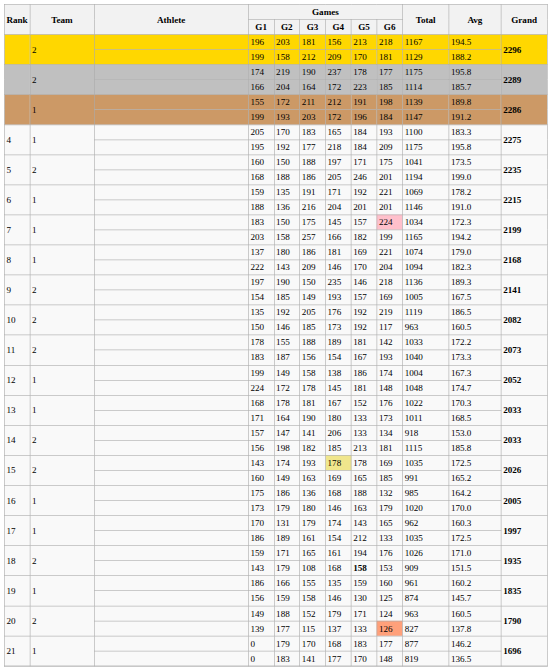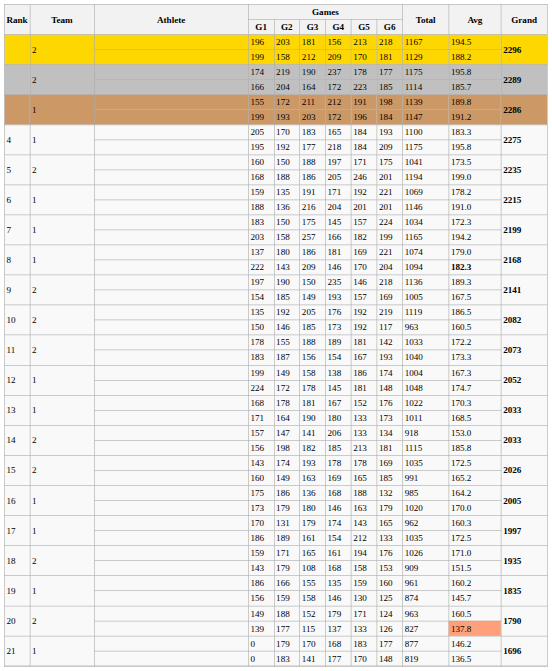 <table class="wikitable" style="font-size:95%" style="width:35em;" style="text-align:center">
 <tr>
 <th rowspan=2>Rank</th>
 <th rowspan=2 width=100>Team</th>
 <th rowspan=2 width=250>Athlete</th>
 <th colspan=6 width=250>Games</th>
 <th rowspan=2 width=70>Total</th>
 <th rowspan=2 width=80>Avg</th>
 <th rowspan=2 width=70>Grand</th>
 </tr>
 <tr>
 <th>G1</th>
 <th>G2</th>
 <th>G3</th>
 <th>G4</th>
 <th>G5</th>
 <th>G6</th>
 </tr>
 <tr bgcolor=gold>
 <td rowspan=2></td>
 <td rowspan=2 align=left> 2</td>
 <td align=left></td>
 <td>196</td>
 <td>203</td>
 <td>181</td>
 <td>156</td>
 <td>213</td>
 <td>218</td>
 <td>1167</td>
 <td>194.5</td>
 <td rowspan=2><strong>2296</strong></td>
 </tr>
 <tr bgcolor=gold>
 <td align=left></td>
 <td>199</td>
 <td>158</td>
 <td>212</td>
 <td>209</td>
 <td>170</td>
 <td>181</td>
 <td>1129</td>
 <td>188.2</td>
 </tr>
 <tr bgcolor=silver>
 <td rowspan=2></td>
 <td rowspan=2 align=left> 2</td>
 <td align=left></td>
 <td>174</td>
 <td>219</td>
 <td>190</td>
 <td>237</td>
 <td>178</td>
 <td>177</td>
 <td>1175</td>
 <td>195.8</td>
 <td rowspan=2><strong>2289</strong></td>
 </tr>
 <tr bgcolor=silver>
 <td align=left></td>
 <td>166</td>
 <td>204</td>
 <td>164</td>
 <td>172</td>
 <td>223</td>
 <td>185</td>
 <td>1114</td>
 <td>185.7</td>
 </tr>
 <tr bgcolor=cc9966>
 <td rowspan=2></td>
 <td rowspan=2 align=left> 1</td>
 <td align=left></td>
 <td>155</td>
 <td>172</td>
 <td>211</td>
 <td>212</td>
 <td>191</td>
 <td>198</td>
 <td>1139</td>
 <td>189.8</td>
 <td rowspan=2><strong>2286</strong></td>
 </tr>
 <tr bgcolor=cc9966>
 <td align=left></td>
 <td>199</td>
 <td>193</td>
 <td>203</td>
 <td>172</td>
 <td>196</td>
 <td>184</td>
 <td>1147</td>
 <td>191.2</td>
 </tr>
 <tr>
 <td rowspan=2>4</td>
 <td rowspan=2 align=left> 1</td>
 <td align=left></td>
 <td>205</td>
 <td>170</td>
 <td>183</td>
 <td>165</td>
 <td>184</td>
 <td>193</td>
 <td>1100</td>
 <td>183.3</td>
 <td rowspan=2><strong>2275</strong></td>
 </tr>
 <tr>
 <td align=left></td>
 <td>195</td>
 <td>192</td>
 <td>177</td>
 <td>218</td>
 <td>184</td>
 <td>209</td>
 <td>1175</td>
 <td>195.8</td>
 </tr>
 <tr>
 <td rowspan=2>5</td>
 <td rowspan=2 align=left> 2</td>
 <td align=left></td>
 <td>160</td>
 <td>150</td>
 <td>188</td>
 <td>197</td>
 <td>171</td>
 <td>175</td>
 <td>1041</td>
 <td>173.5</td>
 <td rowspan=2><strong>2235</strong></td>
 </tr>
 <tr>
 <td align=left></td>
 <td>168</td>
 <td>188</td>
 <td>186</td>
 <td>205</td>
 <td>246</td>
 <td>201</td>
 <td>1194</td>
 <td>199.0</td>
 </tr>
 <tr>
 <td rowspan=2>6</td>
 <td rowspan=2 align=left> 1</td>
 <td align=left></td>
 <td>159</td>
 <td>135</td>
 <td>191</td>
 <td>171</td>
 <td>192</td>
 <td>221</td>
 <td>1069</td>
 <td>178.2</td>
 <td rowspan=2><strong>2215</strong></td>
 </tr>
 <tr>
 <td align=left></td>
 <td>188</td>
 <td>136</td>
 <td>216</td>
 <td>204</td>
 <td>201</td>
 <td>201</td>
 <td>1146</td>
 <td>191.0</td>
 </tr>
 <tr>
 <td rowspan=2>7</td>
 <td rowspan=2 align=left> 1</td>
 <td align=left></td>
 <td>183</td>
 <td>150</td>
 <td>175</td>
 <td>145</td>
 <td>157</td>
-<td style="background: pink;">224</td>
+<td>224</td>
 <td>1034</td>
 <td>172.3</td>
 <td rowspan=2><strong>2199</strong></td>
 </tr>
 <tr>
 <td align=left></td>
 <td>203</td>
 <td>158</td>
 <td>257</td>
 <td>166</td>
 <td>182</td>
 <td>199</td>
 <td>1165</td>
 <td>194.2</td>
 </tr>
 <tr>
 <td rowspan=2>8</td>
 <td rowspan=2 align=left> 1</td>
 <td align=left></td>
 <td>137</td>
 <td>180</td>
 <td>186</td>
 <td>181</td>
 <td>169</td>
 <td>221</td>
 <td>1074</td>
 <td>179.0</td>
 <td rowspan=2><strong>2168</strong></td>
 </tr>
 <tr>
 <td align=left></td>
 <td>222</td>
 <td>143</td>
 <td>209</td>
 <td>146</td>
 <td>170</td>
 <td>204</td>
 <td>1094</td>
-<td>182.3</td>
+<td><strong>182.3</strong></td>
 </tr>
 <tr>
 <td rowspan=2>9</td>
 <td rowspan=2 align=left> 2</td>
 <td align=left></td>
 <td>197</td>
 <td>190</td>
 <td>150</td>
 <td>235</td>
 <td>146</td>
 <td>218</td>
 <td>1136</td>
 <td>189.3</td>
 <td rowspan=2><strong>2141</strong></td>
 </tr>
 <tr>
 <td align=left></td>
 <td>154</td>
 <td>185</td>
 <td>149</td>
 <td>193</td>
 <td>157</td>
 <td>169</td>
 <td>1005</td>
 <td>167.5</td>
 </tr>
 <tr>
 <td rowspan=2>10</td>
 <td rowspan=2 align=left> 2</td>
 <td align=left></td>
 <td>135</td>
 <td>192</td>
 <td>205</td>
 <td>176</td>
 <td>192</td>
 <td>219</td>
 <td>1119</td>
 <td>186.5</td>
 <td rowspan=2><strong>2082</strong></td>
 </tr>
 <tr>
 <td align=left></td>
 <td>150</td>
 <td>146</td>
 <td>185</td>
 <td>173</td>
 <td>192</td>
 <td>117</td>
 <td>963</td>
 <td>160.5</td>
 </tr>
 <tr>
 <td rowspan=2>11</td>
 <td rowspan=2 align=left> 2</td>
 <td align=left></td>
 <td>178</td>
 <td>155</td>
 <td>188</td>
 <td>189</td>
 <td>181</td>
 <td>142</td>
 <td>1033</td>
 <td>172.2</td>
 <td rowspan=2><strong>2073</strong></td>
 </tr>
 <tr>
 <td align=left></td>
 <td>183</td>
 <td>187</td>
 <td>156</td>
 <td>154</td>
 <td>167</td>
 <td>193</td>
 <td>1040</td>
 <td>173.3</td>
 </tr>
 <tr>
 <td rowspan=2>12</td>
 <td rowspan=2 align=left> 1</td>
 <td align=left></td>
 <td>199</td>
 <td>149</td>
 <td>158</td>
 <td>138</td>
 <td>186</td>
 <td>174</td>
 <td>1004</td>
 <td>167.3</td>
 <td rowspan=2><strong>2052</strong></td>
 </tr>
 <tr>
 <td align=left></td>
 <td>224</td>
 <td>172</td>
 <td>178</td>
 <td>145</td>
 <td>181</td>
 <td>148</td>
 <td>1048</td>
 <td>174.7</td>
 </tr>
 <tr>
 <td rowspan=2>13</td>
 <td rowspan=2 align=left> 1</td>
 <td align=left></td>
 <td>168</td>
 <td>178</td>
 <td>181</td>
 <td>167</td>
 <td>152</td>
 <td>176</td>
 <td>1022</td>
 <td>170.3</td>
 <td rowspan=2><strong>2033</strong></td>
 </tr>
 <tr>
 <td align=left></td>
 <td>171</td>
 <td>164</td>
 <td>190</td>
 <td>180</td>
 <td>133</td>
 <td>173</td>
 <td>1011</td>
 <td>168.5</td>
 </tr>
 <tr>
 <td rowspan=2>14</td>
 <td rowspan=2 align=left> 2</td>
 <td align=left></td>
 <td>157</td>
 <td>147</td>
 <td>141</td>
 <td>206</td>
 <td>133</td>
 <td>134</td>
 <td>918</td>
 <td>153.0</td>
 <td rowspan=2><strong>2033</strong></td>
 </tr>
 <tr>
 <td align=left></td>
 <td>156</td>
 <td>198</td>
 <td>182</td>
 <td>185</td>
 <td>213</td>
 <td>181</td>
 <td>1115</td>
 <td>185.8</td>
 </tr>
 <tr>
 <td rowspan=2>15</td>
 <td rowspan=2 align=left> 2</td>
 <td align=left></td>
 <td>143</td>
 <td>174</td>
 <td>193</td>
-<td style="background: khaki;">178</td>
+<td>178</td>
 <td>178</td>
 <td>169</td>
 <td>1035</td>
 <td>172.5</td>
 <td rowspan=2><strong>2026</strong></td>
 </tr>
 <tr>
 <td align=left></td>
 <td>160</td>
 <td>149</td>
 <td>163</td>
 <td>169</td>
 <td>165</td>
 <td>185</td>
 <td>991</td>
 <td>165.2</td>
 </tr>
 <tr>
 <td rowspan=2>16</td>
 <td rowspan=2 align=left> 1</td>
 <td align=left></td>
 <td>175</td>
 <td>186</td>
 <td>136</td>
 <td>168</td>
 <td>188</td>
 <td>132</td>
 <td>985</td>
 <td>164.2</td>
 <td rowspan=2><strong>2005</strong></td>
 </tr>
 <tr>
 <td align=left></td>
 <td>173</td>
 <td>179</td>
 <td>180</td>
 <td>146</td>
 <td>163</td>
 <td>179</td>
 <td>1020</td>
 <td>170.0</td>
 </tr>
 <tr>
 <td rowspan=2>17</td>
 <td rowspan=2 align=left> 1</td>
 <td align=left></td>
 <td>170</td>
 <td>131</td>
 <td>179</td>
 <td>174</td>
 <td>143</td>
 <td>165</td>
 <td>962</td>
 <td>160.3</td>
 <td rowspan=2><strong>1997</strong></td>
 </tr>
 <tr>
 <td align=left></td>
 <td>186</td>
 <td>189</td>
 <td>161</td>
 <td>154</td>
 <td>212</td>
 <td>133</td>
 <td>1035</td>
 <td>172.5</td>
 </tr>
 <tr>
 <td rowspan=2>18</td>
 <td rowspan=2 align=left> 2</td>
 <td align=left></td>
 <td>159</td>
 <td>171</td>
 <td>165</td>
 <td>161</td>
 <td>194</td>
 <td>176</td>
 <td>1026</td>
 <td>171.0</td>
 <td rowspan=2><strong>1935</strong></td>
 </tr>
 <tr>
 <td align=left></td>
 <td>143</td>
 <td>179</td>
 <td>108</td>
 <td>168</td>
-<td><strong>158</strong></td>
+<td>158</td>
 <td>153</td>
 <td>909</td>
 <td>151.5</td>
 </tr>
 <tr>
 <td rowspan=2>19</td>
 <td rowspan=2 align=left> 1</td>
 <td align=left></td>
 <td>186</td>
 <td>166</td>
 <td>155</td>
 <td>135</td>
 <td>159</td>
 <td>160</td>
 <td>961</td>
 <td>160.2</td>
 <td rowspan=2><strong>1835</strong></td>
 </tr>
 <tr>
 <td align=left></td>
 <td>156</td>
 <td>159</td>
 <td>158</td>
 <td>146</td>
 <td>130</td>
 <td>125</td>
 <td>874</td>
 <td>145.7</td>
 </tr>
 <tr>
 <td rowspan=2>20</td>
 <td rowspan=2 align=left> 2</td>
 <td align=left></td>
 <td>149</td>
 <td>188</td>
 <td>152</td>
 <td>179</td>
 <td>171</td>
 <td>124</td>
 <td>963</td>
 <td>160.5</td>
 <td rowspan=2><strong>1790</strong></td>
 </tr>
 <tr>
 <td align=left></td>
 <td>139</td>
 <td>177</td>
 <td>115</td>
 <td>137</td>
 <td>133</td>
-<td style="background: lightsalmon;">126</td>
+<td>126</td>
 <td>827</td>
-<td>137.8</td>
+<td style="background: lightsalmon;">137.8</td>
 </tr>
 <tr>
 <td rowspan=2>21</td>
 <td rowspan=2 align=left> 1</td>
 <td align=left></td>
 <td>0</td>
 <td>179</td>
 <td>170</td>
 <td>168</td>
 <td>183</td>
 <td>177</td>
 <td>877</td>
 <td>146.2</td>
 <td rowspan=2><strong>1696</strong></td>
 </tr>
 <tr>
 <td align=left></td>
 <td>0</td>
 <td>183</td>
 <td>141</td>
 <td>177</td>
 <td>170</td>
 <td>148</td>
 <td>819</td>
 <td>136.5</td>
 </tr>
 <tr>
 </tr>
 </table>
